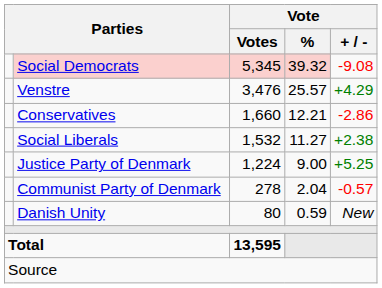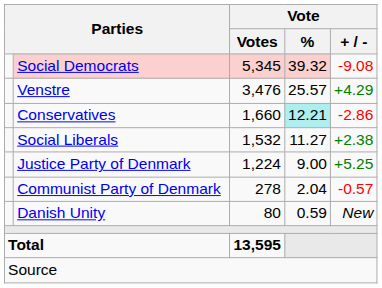 <table class="wikitable" style="text-align:right;">
 <tr>
 <th style="text-align:centre;" rowspan="2" colspan="2" width="225">Parties</th>
 <th colspan="3">Vote</th>
 </tr>
 <tr>
 <th width="15">Votes</th>
 <th width="15">%</th>
 <th width="15">+ / -</th>
 </tr>
 <tr>
 <td width="2" style="color:inherit;background:"></td>
 <td bgcolor=#fbd0ce  align="left"><a href='#'>Social Democrats</a></td>
 <td bgcolor=#fbd0ce>5,345</td>
 <td bgcolor=#fbd0ce>39.32</td>
 <td style=color:red;>-9.08</td>
 </tr>
 <tr>
 <td width="2" style="color:inherit;background:"></td>
 <td align="left"><a href='#'>Venstre</a></td>
 <td>3,476</td>
 <td>25.57</td>
 <td style=color:green;>+4.29</td>
 </tr>
 <tr>
 <td width="2" style="color:inherit;background:"></td>
 <td align="left"><a href='#'>Conservatives</a></td>
 <td>1,660</td>
-<td>12.21</td>
+<td style="background: paleturquoise;">12.21</td>
 <td style=color:red;>-2.86</td>
 </tr>
 <tr>
 <td width="2" style="color:inherit;background:"></td>
 <td align="left"><a href='#'>Social Liberals</a></td>
 <td>1,532</td>
 <td>11.27</td>
 <td style=color:green;>+2.38</td>
 </tr>
 <tr>
 <td width="2" style="color:inherit;background:"></td>
 <td align="left"><a href='#'>Justice Party of Denmark</a></td>
 <td>1,224</td>
 <td>9.00</td>
 <td style=color:green;>+5.25</td>
 </tr>
 <tr>
 <td width="2" style="color:inherit;background:"></td>
 <td align="left"><a href='#'>Communist Party of Denmark</a></td>
 <td>278</td>
 <td>2.04</td>
 <td style=color:red;>-0.57</td>
 </tr>
 <tr>
 <td width="2" style="color:inherit;background:"></td>
 <td align="left"><a href='#'>Danish Unity</a></td>
 <td>80</td>
 <td>0.59</td>
 <td><em>New</em></td>
 </tr>
 <tr>
 <td colspan="7" bgcolor="#E9E9E9"></td>
 </tr>
 <tr>
 <td align="left" colspan="2"><strong>Total</strong></td>
 <td><strong>13,595</strong></td>
 <td bgcolor="#E9E9E9" colspan="2"></td>
 </tr>
 <tr>
 <td align="left" colspan="6">Source</td>
 </tr>
 </table>
